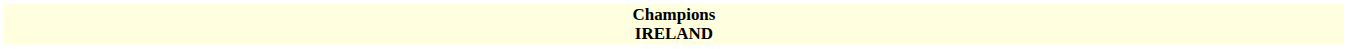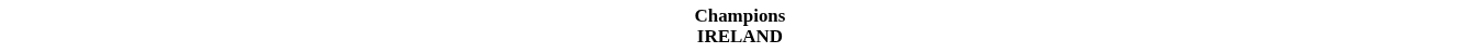 <table cellspacing=0 width=100%>
 <tr>
 <td align=center></td>
 </tr>
 <tr>
-<td align=center style="background: lightyellow;"><strong>Champions<br>IRELAND</strong></td>
+<td align=center><strong>Champions<br>IRELAND</strong></td>
 </tr>
 </table>
